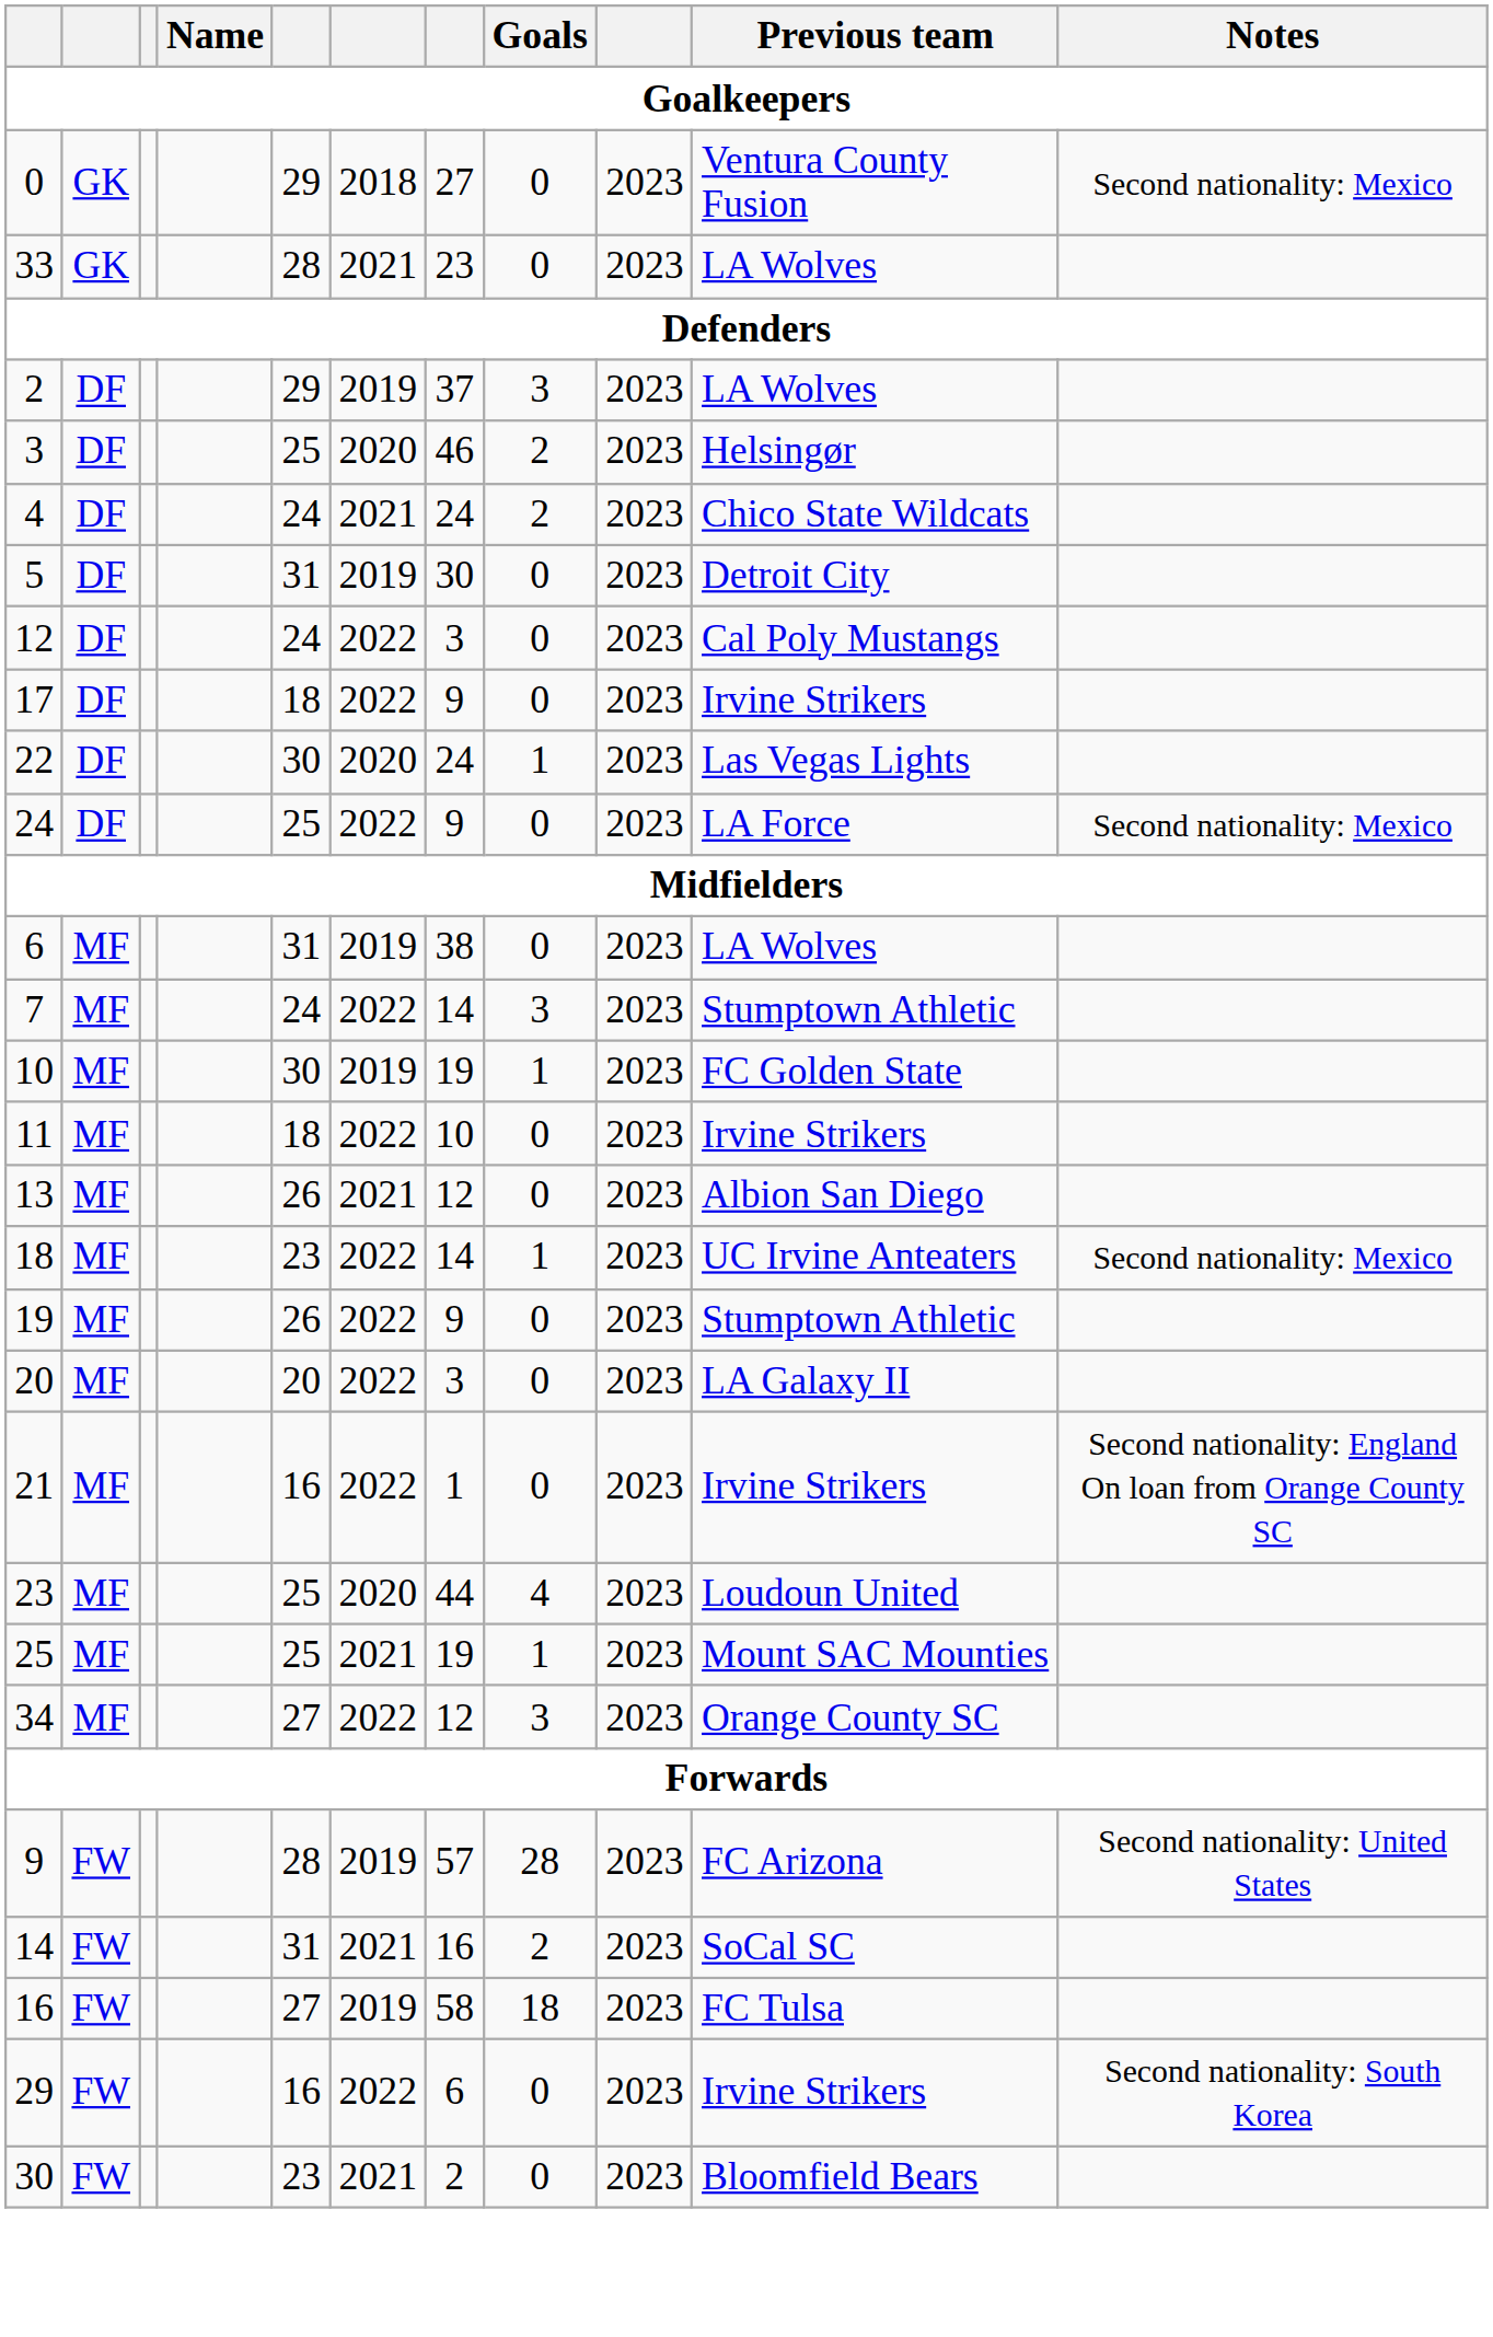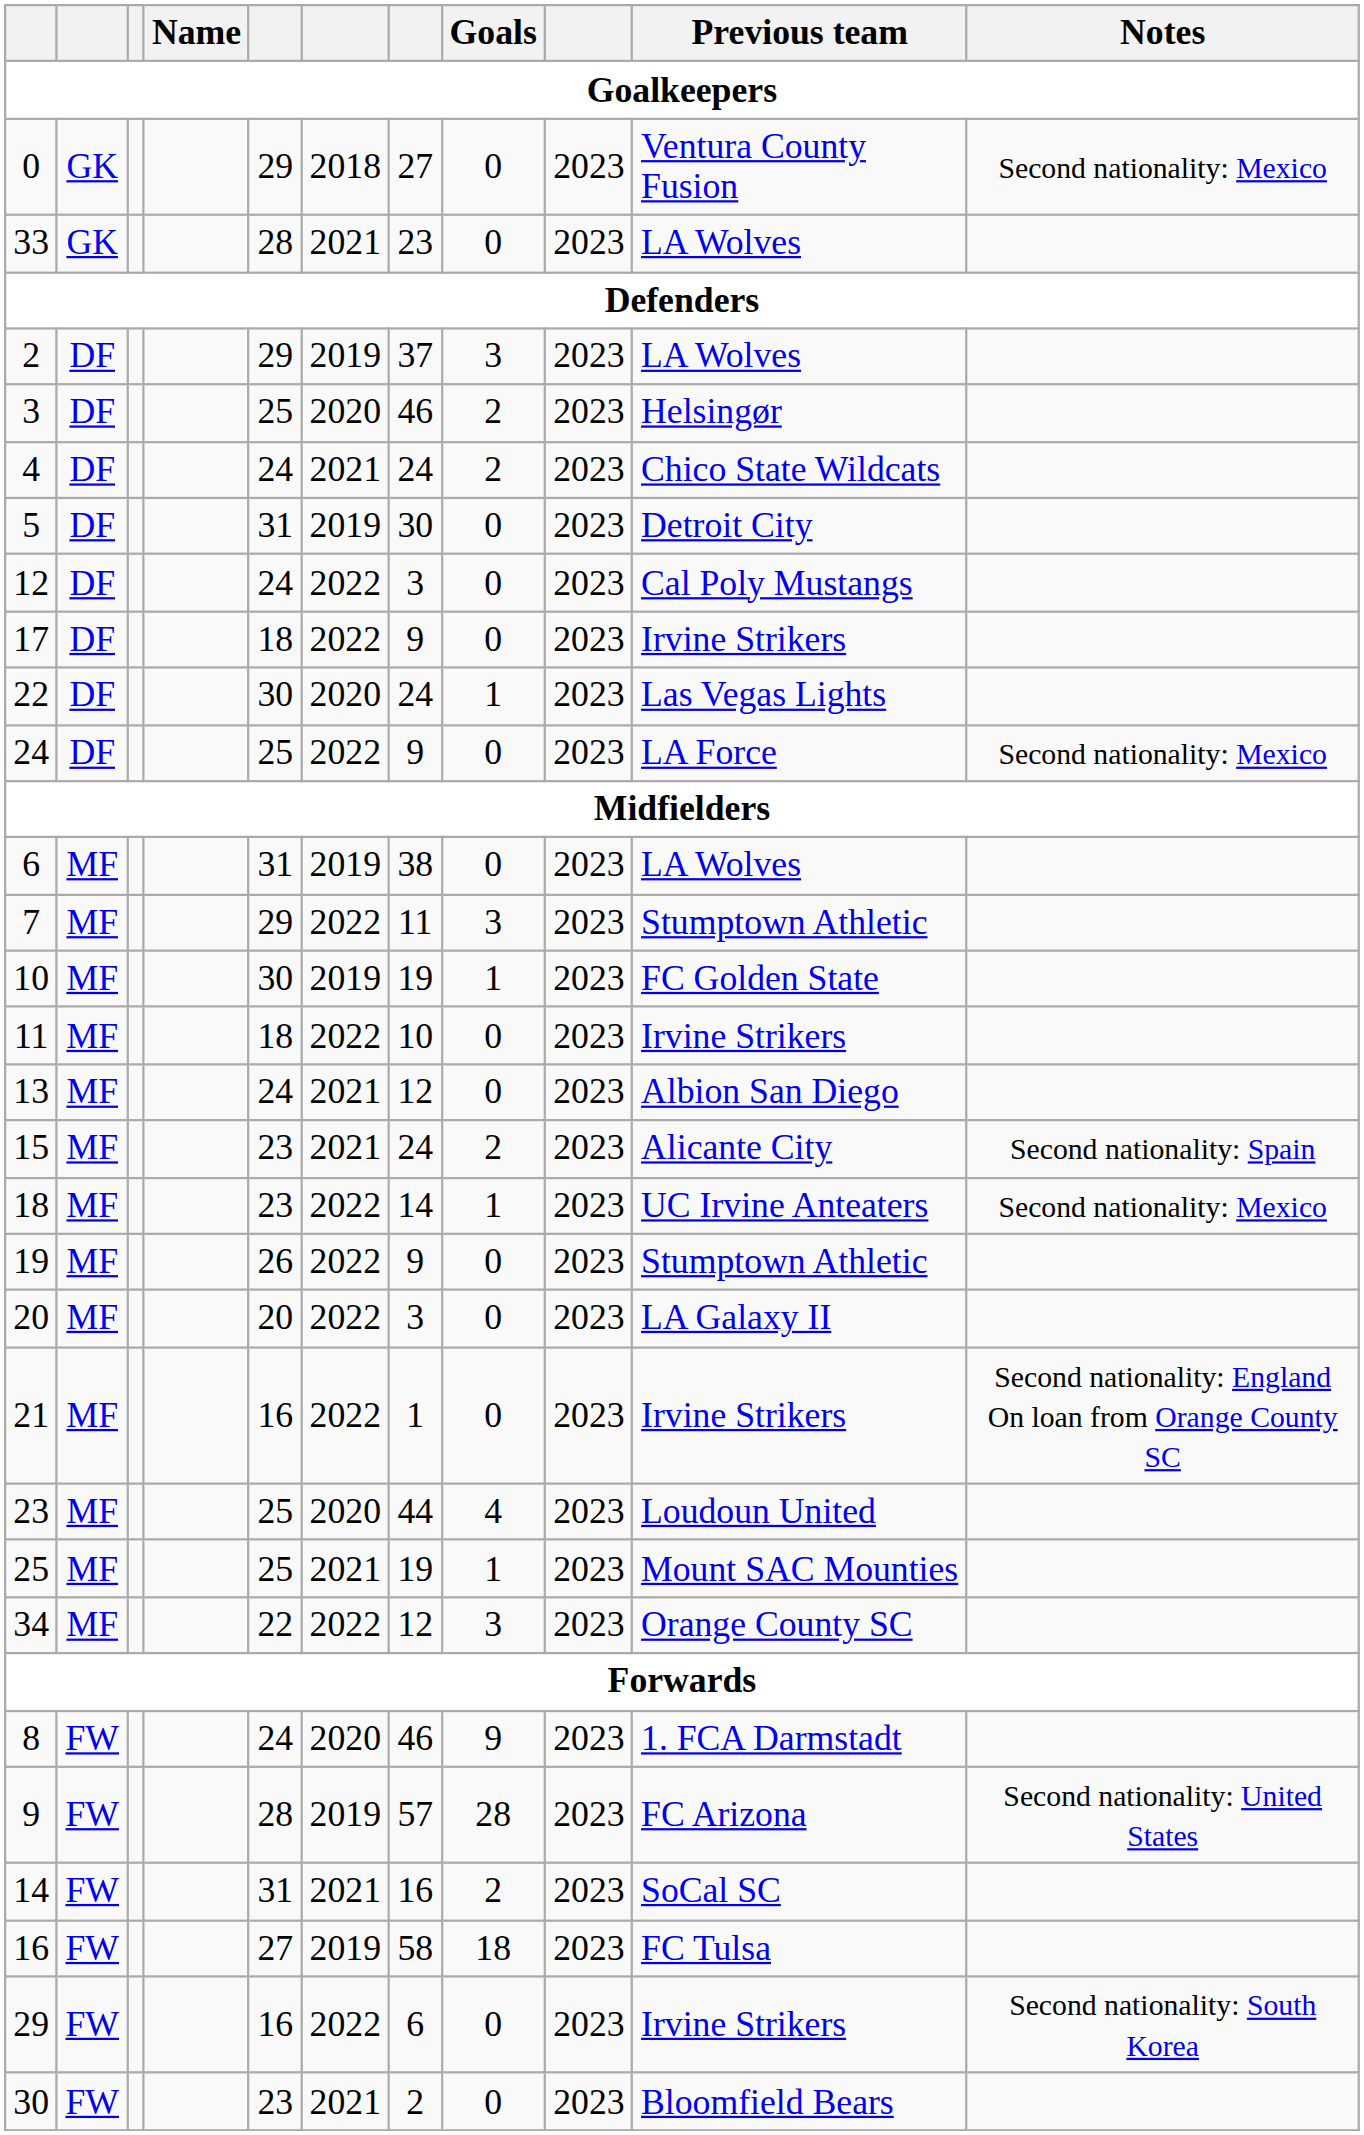 <table class="wikitable sortable" style="text-align:center">
 <tr>
 <th></th>
 <th></th>
 <th></th>
 <th>Name</th>
 <th></th>
 <th></th>
 <th></th>
 <th>Goals</th>
 <th></th>
 <th>Previous team</th>
 <th>Notes</th>
 </tr>
 <tr>
 <th colspan="11" style="background:#FFFFFF; color:#000000; ">Goalkeepers</th>
 </tr>
 <tr>
 <td>0</td>
 <td><a href='#'>GK</a></td>
 <td></td>
 <td></td>
 <td>29</td>
 <td>2018</td>
 <td>27</td>
 <td>0</td>
 <td>2023</td>
 <td align="left"> <a href='#'>Ventura County Fusion</a></td>
 <td><small>Second nationality: <a href='#'>Mexico</a></small></td>
 </tr>
 <tr>
 <td>33</td>
 <td><a href='#'>GK</a></td>
 <td></td>
 <td></td>
 <td>28</td>
 <td>2021</td>
 <td>23</td>
 <td>0</td>
 <td>2023</td>
 <td align="left"> <a href='#'>LA Wolves</a></td>
 </tr>
 <tr>
 <th colspan="11" style="background:#FFFFFF; color:#000000; ">Defenders</th>
 </tr>
 <tr>
 <td>2</td>
 <td><a href='#'>DF</a></td>
 <td></td>
 <td></td>
 <td>29</td>
 <td>2019</td>
 <td>37</td>
 <td>3</td>
 <td>2023</td>
 <td align="left"> <a href='#'>LA Wolves</a></td>
 <td></td>
 </tr>
 <tr>
 <td>3</td>
 <td><a href='#'>DF</a></td>
 <td></td>
 <td></td>
 <td>25</td>
 <td>2020</td>
 <td>46</td>
 <td>2</td>
 <td>2023</td>
 <td align="left"> <a href='#'>Helsingør</a></td>
 <td></td>
 </tr>
 <tr>
 <td>4</td>
 <td><a href='#'>DF</a></td>
 <td></td>
 <td></td>
 <td>24</td>
 <td>2021</td>
 <td>24</td>
 <td>2</td>
 <td>2023</td>
 <td align="left"> <a href='#'>Chico State Wildcats</a></td>
 <td></td>
 </tr>
 <tr>
 <td>5</td>
 <td><a href='#'>DF</a></td>
 <td></td>
 <td></td>
 <td>31</td>
 <td>2019</td>
 <td>30</td>
 <td>0</td>
 <td>2023</td>
 <td align="left"> <a href='#'>Detroit City</a></td>
 <td></td>
 </tr>
 <tr>
 <td>12</td>
 <td><a href='#'>DF</a></td>
 <td></td>
 <td></td>
 <td>24</td>
 <td>2022</td>
 <td>3</td>
 <td>0</td>
 <td>2023</td>
 <td align="left"> <a href='#'>Cal Poly Mustangs</a></td>
 <td></td>
 </tr>
 <tr>
 <td>17</td>
 <td><a href='#'>DF</a></td>
 <td></td>
 <td></td>
 <td>18</td>
 <td>2022</td>
 <td>9</td>
 <td>0</td>
 <td>2023</td>
 <td align="left"> <a href='#'>Irvine Strikers</a></td>
 <td></td>
 </tr>
 <tr>
 <td>22</td>
 <td><a href='#'>DF</a></td>
 <td></td>
 <td></td>
 <td>30</td>
 <td>2020</td>
 <td>24</td>
 <td>1</td>
 <td>2023</td>
 <td align="left"> <a href='#'>Las Vegas Lights</a></td>
 <td></td>
 </tr>
 <tr>
 <td>24</td>
 <td><a href='#'>DF</a></td>
 <td></td>
 <td></td>
 <td>25</td>
 <td>2022</td>
 <td>9</td>
 <td>0</td>
 <td>2023</td>
 <td align="left"> <a href='#'>LA Force</a></td>
 <td><small>Second nationality: <a href='#'>Mexico</a></small></td>
 </tr>
 <tr>
 <th colspan="11" style="background:#FFFFFF; color:#000000; ">Midfielders</th>
 </tr>
 <tr>
 <td>6</td>
 <td><a href='#'>MF</a></td>
 <td></td>
 <td></td>
 <td>31</td>
 <td>2019</td>
 <td>38</td>
 <td>0</td>
 <td>2023</td>
 <td align="left"> <a href='#'>LA Wolves</a></td>
 <td></td>
 </tr>
 <tr>
 <td>7</td>
 <td><a href='#'>MF</a></td>
 <td></td>
 <td></td>
-<td>24</td>
+<td>29</td>
 <td>2022</td>
-<td>14</td>
+<td>11</td>
 <td>3</td>
 <td>2023</td>
 <td align="left"> <a href='#'>Stumptown Athletic</a></td>
 <td></td>
 </tr>
 <tr>
 <td>10</td>
 <td><a href='#'>MF</a></td>
 <td></td>
 <td></td>
 <td>30</td>
 <td>2019</td>
 <td>19</td>
 <td>1</td>
 <td>2023</td>
 <td align="left"> <a href='#'>FC Golden State</a></td>
 <td></td>
 </tr>
 <tr>
 <td>11</td>
 <td><a href='#'>MF</a></td>
 <td></td>
 <td></td>
 <td>18</td>
 <td>2022</td>
 <td>10</td>
 <td>0</td>
 <td>2023</td>
 <td align="left"> <a href='#'>Irvine Strikers</a></td>
 <td></td>
 </tr>
 <tr>
 <td>13</td>
 <td><a href='#'>MF</a></td>
 <td></td>
 <td></td>
-<td>26</td>
+<td>24</td>
 <td>2021</td>
 <td>12</td>
 <td>0</td>
 <td>2023</td>
 <td align="left"> <a href='#'>Albion San Diego</a></td>
 <td></td>
+</tr>
+<tr>
+<td>15</td>
+<td><a href='#'>MF</a></td>
+<td></td>
+<td></td>
+<td>23</td>
+<td>2021</td>
+<td>24</td>
+<td>2</td>
+<td>2023</td>
+<td align="left"> <a href='#'>Alicante City</a></td>
+<td><small>Second nationality: <a href='#'>Spain</a></small></td>
 </tr>
 <tr>
 <td>18</td>
 <td><a href='#'>MF</a></td>
 <td></td>
 <td></td>
 <td>23</td>
 <td>2022</td>
 <td>14</td>
 <td>1</td>
 <td>2023</td>
 <td align="left"> <a href='#'>UC Irvine Anteaters</a></td>
 <td><small>Second nationality: <a href='#'>Mexico</a></small></td>
 </tr>
 <tr>
 <td>19</td>
 <td><a href='#'>MF</a></td>
 <td></td>
 <td></td>
 <td>26</td>
 <td>2022</td>
 <td>9</td>
 <td>0</td>
 <td>2023</td>
 <td align="left"> <a href='#'>Stumptown Athletic</a></td>
 <td></td>
 </tr>
 <tr>
 <td>20</td>
 <td><a href='#'>MF</a></td>
 <td></td>
 <td></td>
 <td>20</td>
 <td>2022</td>
 <td>3</td>
 <td>0</td>
 <td>2023</td>
 <td align="left"> <a href='#'>LA Galaxy II</a></td>
 <td></td>
 </tr>
 <tr>
 <td>21</td>
 <td><a href='#'>MF</a></td>
 <td></td>
 <td></td>
 <td>16</td>
 <td>2022</td>
 <td>1</td>
 <td>0</td>
 <td>2023</td>
 <td align="left"> <a href='#'>Irvine Strikers</a></td>
 <td><small>Second nationality: <a href='#'>England</a></small><br><small>On loan from <a href='#'>Orange County SC</a></small></td>
 </tr>
 <tr>
 <td>23</td>
 <td><a href='#'>MF</a></td>
 <td></td>
 <td></td>
 <td>25</td>
 <td>2020</td>
 <td>44</td>
 <td>4</td>
 <td>2023</td>
 <td align="left"> <a href='#'>Loudoun United</a></td>
 <td></td>
 </tr>
 <tr>
 <td>25</td>
 <td><a href='#'>MF</a></td>
 <td></td>
 <td></td>
 <td>25</td>
 <td>2021</td>
 <td>19</td>
 <td>1</td>
 <td>2023</td>
 <td align="left"> <a href='#'>Mount SAC Mounties</a></td>
 <td></td>
 </tr>
 <tr>
 <td>34</td>
 <td><a href='#'>MF</a></td>
 <td></td>
 <td></td>
-<td>27</td>
+<td>22</td>
 <td>2022</td>
 <td>12</td>
 <td>3</td>
 <td>2023</td>
 <td align="left"> <a href='#'>Orange County SC</a></td>
 <td></td>
 </tr>
 <tr>
 <th colspan="11" style="background:#FFFFFF; color:#000000; ">Forwards</th>
+</tr>
+<tr>
+<td>8</td>
+<td><a href='#'>FW</a></td>
+<td></td>
+<td></td>
+<td>24</td>
+<td>2020</td>
+<td>46</td>
+<td>9</td>
+<td>2023</td>
+<td align="left"> <a href='#'>1. FCA Darmstadt</a></td>
+<td></td>
 </tr>
 <tr>
 <td>9</td>
 <td><a href='#'>FW</a></td>
 <td></td>
 <td></td>
 <td>28</td>
 <td>2019</td>
 <td>57</td>
 <td>28</td>
 <td>2023</td>
 <td align="left"> <a href='#'>FC Arizona</a></td>
 <td><small>Second nationality: <a href='#'>United States</a></small></td>
 </tr>
 <tr>
 <td>14</td>
 <td><a href='#'>FW</a></td>
 <td></td>
 <td></td>
 <td>31</td>
 <td>2021</td>
 <td>16</td>
 <td>2</td>
 <td>2023</td>
 <td align="left"> <a href='#'>SoCal SC</a></td>
 <td></td>
 </tr>
 <tr>
 <td>16</td>
 <td><a href='#'>FW</a></td>
 <td></td>
 <td></td>
 <td>27</td>
 <td>2019</td>
 <td>58</td>
 <td>18</td>
 <td>2023</td>
 <td align="left"> <a href='#'>FC Tulsa</a></td>
 <td></td>
 </tr>
 <tr>
 <td>29</td>
 <td><a href='#'>FW</a></td>
 <td></td>
 <td></td>
 <td>16</td>
 <td>2022</td>
 <td>6</td>
 <td>0</td>
 <td>2023</td>
 <td align="left"> <a href='#'>Irvine Strikers</a></td>
 <td><small>Second nationality: <a href='#'>South Korea</a></small></td>
 </tr>
 <tr>
 <td>30</td>
 <td><a href='#'>FW</a></td>
 <td></td>
 <td></td>
 <td>23</td>
 <td>2021</td>
 <td>2</td>
 <td>0</td>
 <td>2023</td>
 <td align="left"> <a href='#'>Bloomfield Bears</a></td>
 <td></td>
 </tr>
 </table>
